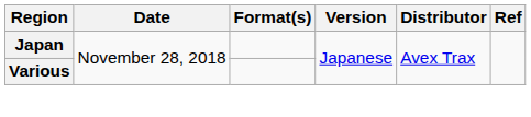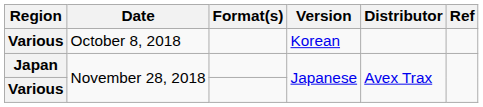 <table class="wikitable plainrowheaders">
 <tr>
 <th>Region</th>
 <th>Date</th>
 <th>Format(s)</th>
 <th>Version</th>
 <th>Distributor</th>
 <th>Ref</th>
+</tr>
+<tr>
+<th scope="row">Various </th>
+<td>October 8, 2018</td>
+<td></td>
+<td><a href='#'>Korean</a></td>
+<td></td>
+<td></td>
 </tr>
 <tr>
 <th scope="row">Japan</th>
 <td rowspan="2">November 28, 2018</td>
 <td></td>
 <td rowspan="2"><a href='#'>Japanese</a></td>
 <td rowspan="2"><a href='#'>Avex Trax</a></td>
 <td rowspan="2"></td>
 </tr>
 <tr>
 <th scope="row">Various </th>
 <td></td>
 </tr>
 </table>
